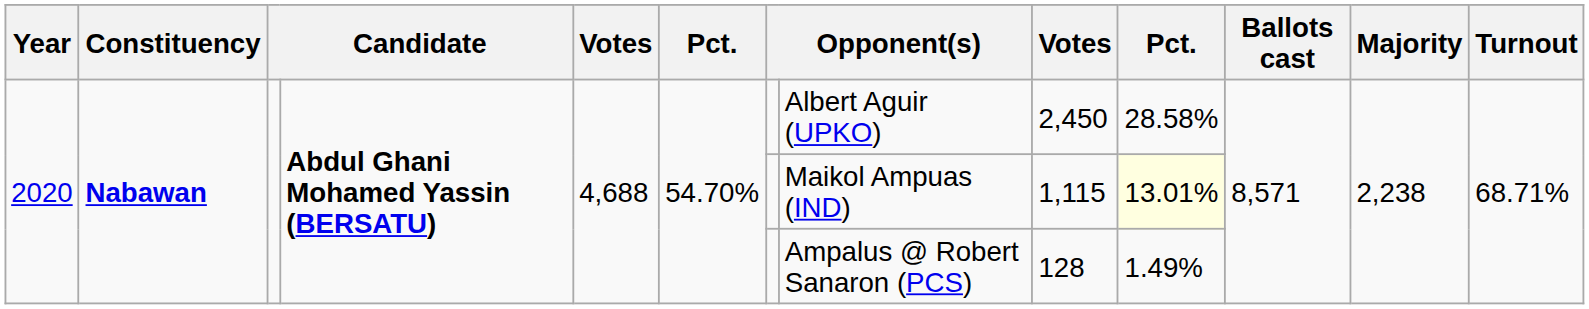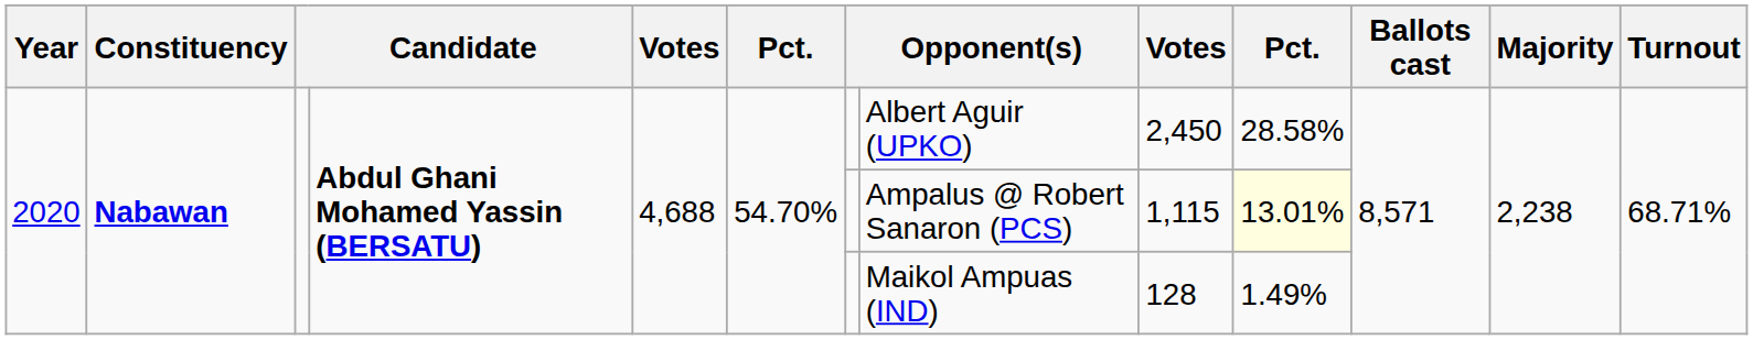 <table class="wikitable" style="margin:0.5em ; font-size:95%">
 <tr>
 <th>Year</th>
 <th>Constituency</th>
 <th colspan="2">Candidate</th>
 <th>Votes</th>
 <th>Pct.</th>
 <th colspan="2">Opponent(s)</th>
 <th>Votes</th>
 <th>Pct.</th>
 <th>Ballots cast</th>
 <th>Majority</th>
 <th>Turnout</th>
 </tr>
 <tr>
 <td rowspan="3"><a href='#'>2020</a></td>
 <td rowspan="3"><a href='#'><strong>Nabawan</strong></a></td>
 <td rowspan="3"></td>
 <td rowspan="3"><strong>Abdul Ghani Mohamed Yassin (<a href='#'>BERSATU</a>)</strong></td>
 <td rowspan="3">4,688</td>
 <td rowspan="3">54.70%</td>
 <td bgcolor = ></td>
 <td>Albert Aguir (<a href='#'>UPKO</a>)</td>
 <td>2,450</td>
 <td>28.58%</td>
 <td rowspan="3">8,571</td>
 <td rowspan="3">2,238</td>
 <td rowspan="3">68.71%</td>
 </tr>
 <tr>
 <td bgcolor = ></td>
-<td>Maikol Ampuas (<a href='#'>IND</a>)</td>
+<td>Ampalus @ Robert Sanaron (<a href='#'>PCS</a>)</td>
 <td>1,115</td>
 <td style="background: lightyellow;">13.01%</td>
 </tr>
 <tr>
 <td></td>
-<td>Ampalus @ Robert Sanaron (<a href='#'>PCS</a>)</td>
+<td>Maikol Ampuas (<a href='#'>IND</a>)</td>
 <td>128</td>
 <td>1.49%</td>
 </tr>
 </table>
